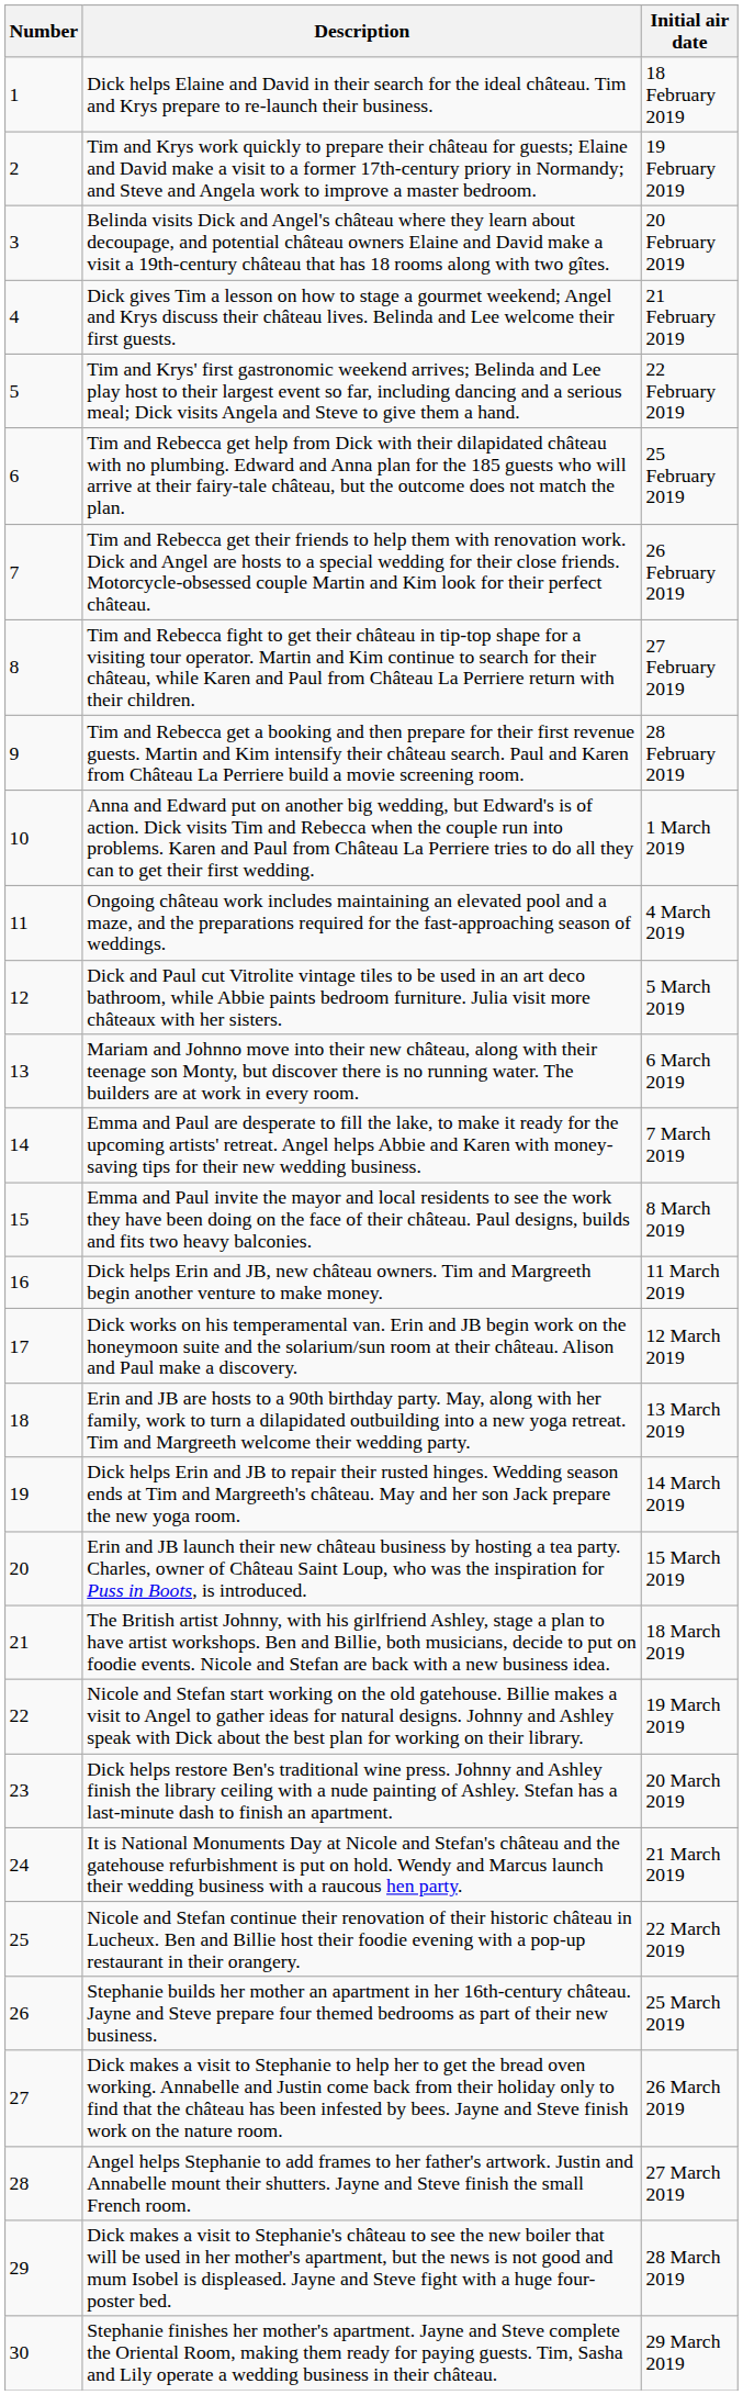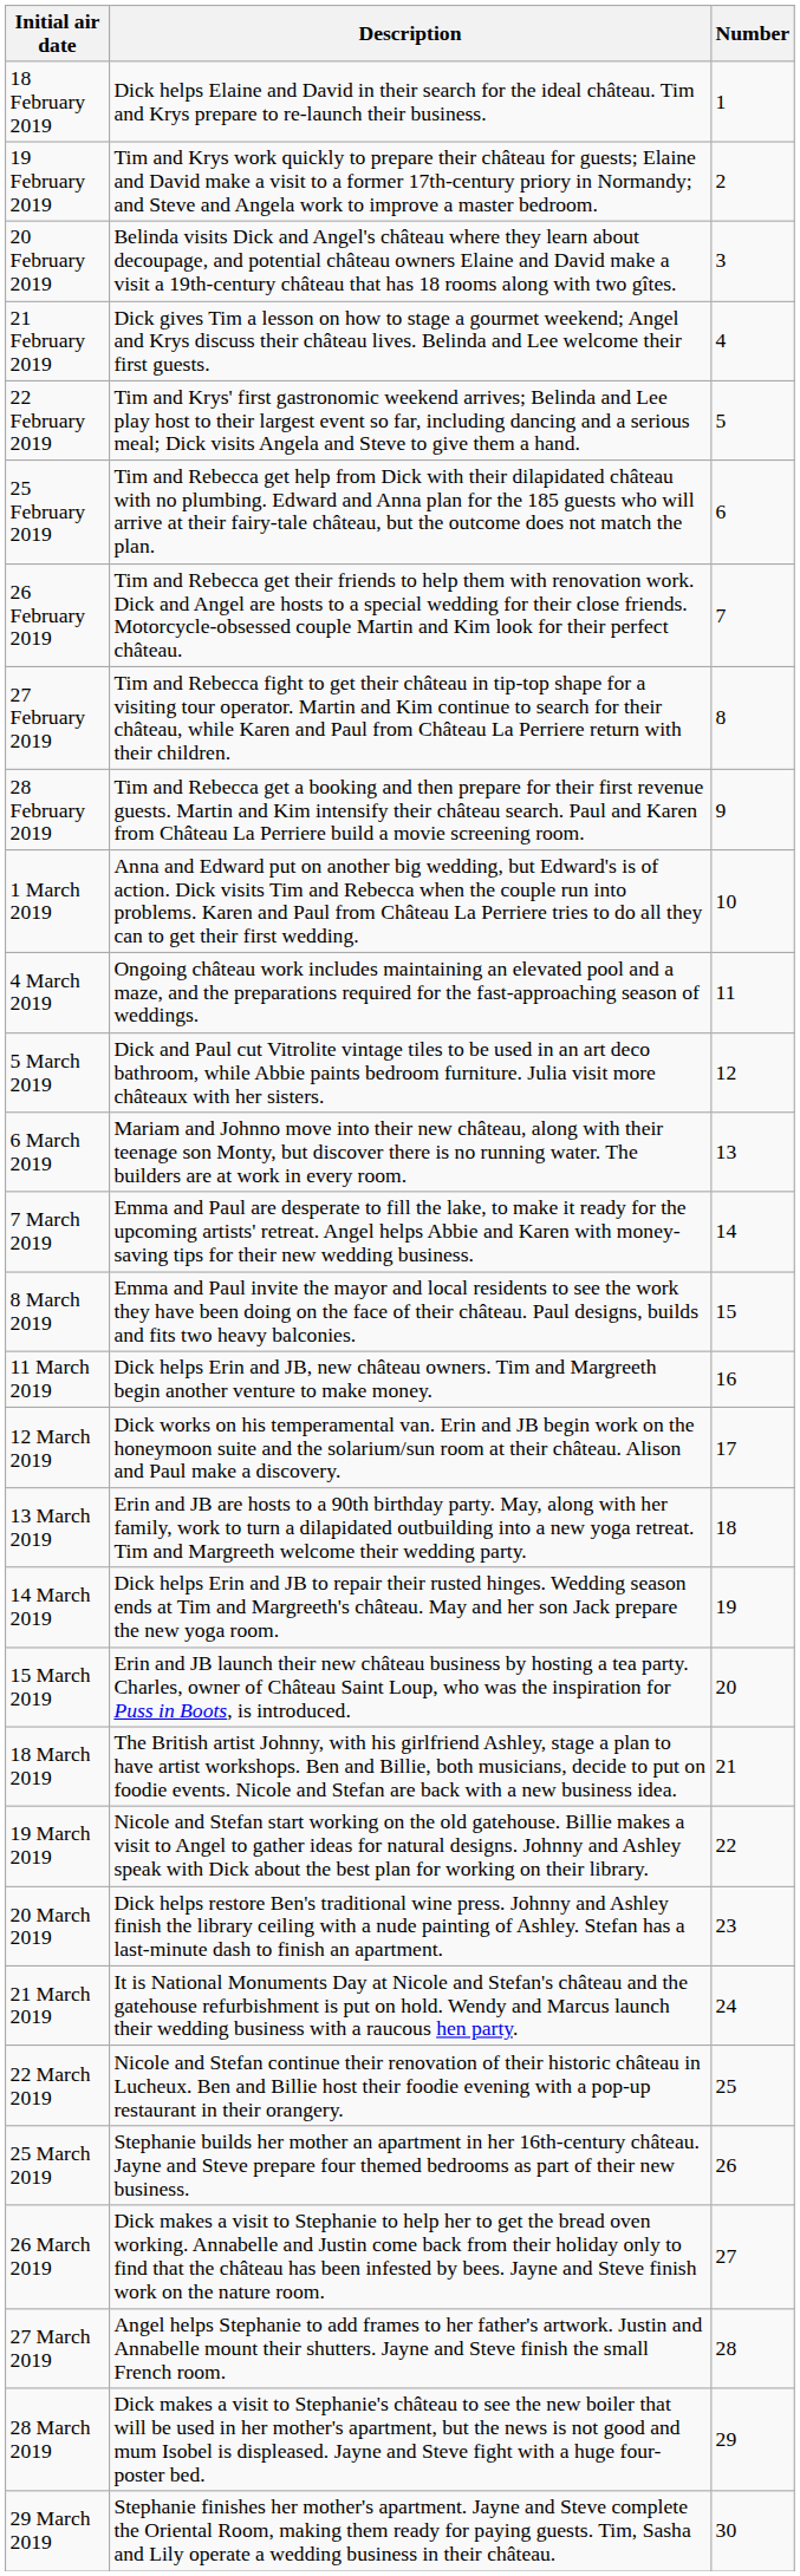 <table class="wikitable">
 <tr>
+<th>Initial air date</th>
+<th>Description</th>
 <th>Number</th>
-<th>Description</th>
-<th>Initial air date</th>
 </tr>
 <tr>
+<td>18 February 2019</td>
+<td>Dick helps Elaine and David in their search for the ideal château. Tim and Krys prepare to re-launch their business.</td>
 <td>1</td>
-<td>Dick helps Elaine and David in their search for the ideal château. Tim and Krys prepare to re-launch their business.</td>
-<td>18 February 2019</td>
 </tr>
 <tr>
+<td>19 February 2019</td>
+<td>Tim and Krys work quickly to prepare their château for guests; Elaine and David make a visit to a former 17th-century priory in Normandy; and Steve and Angela work to improve a master bedroom.</td>
 <td>2</td>
-<td>Tim and Krys work quickly to prepare their château for guests; Elaine and David make a visit to a former 17th-century priory in Normandy; and Steve and Angela work to improve a master bedroom.</td>
-<td>19 February 2019</td>
 </tr>
 <tr>
+<td>20 February 2019</td>
+<td>Belinda visits Dick and Angel's château where they learn about decoupage, and potential château owners Elaine and David make a visit a 19th-century château that has 18 rooms along with two gîtes.</td>
 <td>3</td>
-<td>Belinda visits Dick and Angel's château where they learn about decoupage, and potential château owners Elaine and David make a visit a 19th-century château that has 18 rooms along with two gîtes.</td>
-<td>20 February 2019</td>
 </tr>
 <tr>
+<td>21 February 2019</td>
+<td>Dick gives Tim a lesson on how to stage a gourmet weekend; Angel and Krys discuss their château lives. Belinda and Lee welcome their first guests.</td>
 <td>4</td>
-<td>Dick gives Tim a lesson on how to stage a gourmet weekend; Angel and Krys discuss their château lives. Belinda and Lee welcome their first guests.</td>
-<td>21 February 2019</td>
 </tr>
 <tr>
+<td>22 February 2019</td>
+<td>Tim and Krys' first gastronomic weekend arrives; Belinda and Lee play host to their largest event so far, including dancing and a serious meal; Dick visits Angela and Steve to give them a hand.</td>
 <td>5</td>
-<td>Tim and Krys' first gastronomic weekend arrives; Belinda and Lee play host to their largest event so far, including dancing and a serious meal; Dick visits Angela and Steve to give them a hand.</td>
-<td>22 February 2019</td>
 </tr>
 <tr>
+<td>25 February 2019</td>
+<td>Tim and Rebecca get help from Dick with their dilapidated château with no plumbing. Edward and Anna plan for the 185 guests who will arrive at their fairy-tale château, but the outcome does not match the plan.</td>
 <td>6</td>
-<td>Tim and Rebecca get help from Dick with their dilapidated château with no plumbing. Edward and Anna plan for the 185 guests who will arrive at their fairy-tale château, but the outcome does not match the plan.</td>
-<td>25 February 2019</td>
 </tr>
 <tr>
+<td>26 February 2019</td>
+<td>Tim and Rebecca get their friends to help them with renovation work. Dick and Angel are hosts to a special wedding for their close friends. Motorcycle-obsessed couple Martin and Kim look for their perfect château.</td>
 <td>7</td>
-<td>Tim and Rebecca get their friends to help them with renovation work. Dick and Angel are hosts to a special wedding for their close friends. Motorcycle-obsessed couple Martin and Kim look for their perfect château.</td>
-<td>26 February 2019</td>
 </tr>
 <tr>
+<td>27 February 2019</td>
+<td>Tim and Rebecca fight to get their château in tip-top shape for a visiting tour operator. Martin and Kim continue to search for their château, while Karen and Paul from Château La Perriere return with their children.</td>
 <td>8</td>
-<td>Tim and Rebecca fight to get their château in tip-top shape for a visiting tour operator. Martin and Kim continue to search for their château, while Karen and Paul from Château La Perriere return with their children.</td>
-<td>27 February 2019</td>
 </tr>
 <tr>
+<td>28 February 2019</td>
+<td>Tim and Rebecca get a booking and then prepare for their first revenue guests. Martin and Kim intensify their château search. Paul and Karen from Château La Perriere build a movie screening room.</td>
 <td>9</td>
-<td>Tim and Rebecca get a booking and then prepare for their first revenue guests. Martin and Kim intensify their château search. Paul and Karen from Château La Perriere build a movie screening room.</td>
-<td>28 February 2019</td>
 </tr>
 <tr>
+<td>1 March 2019</td>
+<td>Anna and Edward put on another big wedding, but Edward's is of action. Dick visits Tim and Rebecca when the couple run into problems. Karen and Paul from Château La Perriere tries to do all they can to get their first wedding.</td>
 <td>10</td>
-<td>Anna and Edward put on another big wedding, but Edward's is of action. Dick visits Tim and Rebecca when the couple run into problems. Karen and Paul from Château La Perriere tries to do all they can to get their first wedding.</td>
-<td>1 March 2019</td>
 </tr>
 <tr>
+<td>4 March 2019</td>
+<td>Ongoing château work includes maintaining an elevated pool and a maze, and the preparations required for the fast-approaching season of weddings.</td>
 <td>11</td>
-<td>Ongoing château work includes maintaining an elevated pool and a maze, and the preparations required for the fast-approaching season of weddings.</td>
-<td>4 March 2019</td>
 </tr>
 <tr>
+<td>5 March 2019</td>
+<td>Dick and Paul cut Vitrolite vintage tiles to be used in an art deco bathroom, while Abbie paints bedroom furniture. Julia visit more châteaux with her sisters.</td>
 <td>12</td>
-<td>Dick and Paul cut Vitrolite vintage tiles to be used in an art deco bathroom, while Abbie paints bedroom furniture. Julia visit more châteaux with her sisters.</td>
-<td>5 March 2019</td>
 </tr>
 <tr>
+<td>6 March 2019</td>
+<td>Mariam and Johnno move into their new château, along with their teenage son Monty, but discover there is no running water. The builders are at work in every room.</td>
 <td>13</td>
-<td>Mariam and Johnno move into their new château, along with their teenage son Monty, but discover there is no running water. The builders are at work in every room.</td>
-<td>6 March 2019</td>
 </tr>
 <tr>
+<td>7 March 2019</td>
+<td>Emma and Paul are desperate to fill the lake, to make it ready for the upcoming artists' retreat. Angel helps Abbie and Karen with money-saving tips for their new wedding business.</td>
 <td>14</td>
-<td>Emma and Paul are desperate to fill the lake, to make it ready for the upcoming artists' retreat. Angel helps Abbie and Karen with money-saving tips for their new wedding business.</td>
-<td>7 March 2019</td>
 </tr>
 <tr>
+<td>8 March 2019</td>
+<td>Emma and Paul invite the mayor and local residents to see the work they have been doing on the face of their château. Paul designs, builds and fits two heavy balconies.</td>
 <td>15</td>
-<td>Emma and Paul invite the mayor and local residents to see the work they have been doing on the face of their château. Paul designs, builds and fits two heavy balconies.</td>
-<td>8 March 2019</td>
 </tr>
 <tr>
+<td>11 March 2019</td>
+<td>Dick helps Erin and JB, new château owners. Tim and Margreeth begin another venture to make money.</td>
 <td>16</td>
-<td>Dick helps Erin and JB, new château owners. Tim and Margreeth begin another venture to make money.</td>
-<td>11 March 2019</td>
 </tr>
 <tr>
+<td>12 March 2019</td>
+<td>Dick works on his temperamental van. Erin and JB begin work on the honeymoon suite and the solarium/sun room at their château. Alison and Paul make a discovery.</td>
 <td>17</td>
-<td>Dick works on his temperamental van. Erin and JB begin work on the honeymoon suite and the solarium/sun room at their château. Alison and Paul make a discovery.</td>
-<td>12 March 2019</td>
 </tr>
 <tr>
+<td>13 March 2019</td>
+<td>Erin and JB are hosts to a 90th birthday party. May, along with her family, work to turn a dilapidated outbuilding into a new yoga retreat. Tim and Margreeth welcome their wedding party.</td>
 <td>18</td>
-<td>Erin and JB are hosts to a 90th birthday party. May, along with her family, work to turn a dilapidated outbuilding into a new yoga retreat. Tim and Margreeth welcome their wedding party.</td>
-<td>13 March 2019</td>
 </tr>
 <tr>
+<td>14 March 2019</td>
+<td>Dick helps Erin and JB to repair their rusted hinges. Wedding season ends at Tim and Margreeth's château. May and her son Jack prepare the new yoga room.</td>
 <td>19</td>
-<td>Dick helps Erin and JB to repair their rusted hinges. Wedding season ends at Tim and Margreeth's château. May and her son Jack prepare the new yoga room.</td>
-<td>14 March 2019</td>
 </tr>
 <tr>
+<td>15 March 2019</td>
+<td>Erin and JB launch their new château business by hosting a tea party. Charles, owner of Château Saint Loup, who was the inspiration for <em><a href='#'>Puss in Boots</a></em>, is introduced.</td>
 <td>20</td>
-<td>Erin and JB launch their new château business by hosting a tea party. Charles, owner of Château Saint Loup, who was the inspiration for <em><a href='#'>Puss in Boots</a></em>, is introduced.</td>
-<td>15 March 2019</td>
 </tr>
 <tr>
+<td>18 March 2019</td>
+<td>The British artist Johnny, with his girlfriend Ashley, stage a plan to have artist workshops. Ben and Billie, both musicians, decide to put on foodie events. Nicole and Stefan are back with a new business idea.</td>
 <td>21</td>
-<td>The British artist Johnny, with his girlfriend Ashley, stage a plan to have artist workshops. Ben and Billie, both musicians, decide to put on foodie events. Nicole and Stefan are back with a new business idea.</td>
-<td>18 March 2019</td>
 </tr>
 <tr>
+<td>19 March 2019</td>
+<td>Nicole and Stefan start working on the old gatehouse. Billie makes a visit to Angel to gather ideas for natural designs. Johnny and Ashley speak with Dick about the best plan for working on their library.</td>
 <td>22</td>
-<td>Nicole and Stefan start working on the old gatehouse. Billie makes a visit to Angel to gather ideas for natural designs. Johnny and Ashley speak with Dick about the best plan for working on their library.</td>
-<td>19 March 2019</td>
 </tr>
 <tr>
+<td>20 March 2019</td>
+<td>Dick helps restore Ben's traditional wine press. Johnny and Ashley finish the library ceiling with a nude painting of Ashley. Stefan has a last-minute dash to finish an apartment.</td>
 <td>23</td>
-<td>Dick helps restore Ben's traditional wine press. Johnny and Ashley finish the library ceiling with a nude painting of Ashley. Stefan has a last-minute dash to finish an apartment.</td>
-<td>20 March 2019</td>
 </tr>
 <tr>
+<td>21 March 2019</td>
+<td>It is National Monuments Day at Nicole and Stefan's château and the gatehouse refurbishment is put on hold. Wendy and Marcus launch their wedding business with a raucous <a href='#'>hen party</a>.</td>
 <td>24</td>
-<td>It is National Monuments Day at Nicole and Stefan's château and the gatehouse refurbishment is put on hold. Wendy and Marcus launch their wedding business with a raucous <a href='#'>hen party</a>.</td>
-<td>21 March 2019</td>
 </tr>
 <tr>
+<td>22 March 2019</td>
+<td>Nicole and Stefan continue their renovation of their historic château in Lucheux. Ben and Billie host their foodie evening with a pop-up restaurant in their orangery.</td>
 <td>25</td>
-<td>Nicole and Stefan continue their renovation of their historic château in Lucheux. Ben and Billie host their foodie evening with a pop-up restaurant in their orangery.</td>
-<td>22 March 2019</td>
 </tr>
 <tr>
+<td>25 March 2019</td>
+<td>Stephanie builds her mother an apartment in her 16th-century château. Jayne and Steve prepare four themed bedrooms as part of their new business.</td>
 <td>26</td>
-<td>Stephanie builds her mother an apartment in her 16th-century château. Jayne and Steve prepare four themed bedrooms as part of their new business.</td>
-<td>25 March 2019</td>
 </tr>
 <tr>
+<td>26 March 2019</td>
+<td>Dick makes a visit to Stephanie to help her to get the bread oven working. Annabelle and Justin come back from their holiday only to find that the château has been infested by bees. Jayne and Steve finish work on the nature room.</td>
 <td>27</td>
-<td>Dick makes a visit to Stephanie to help her to get the bread oven working. Annabelle and Justin come back from their holiday only to find that the château has been infested by bees. Jayne and Steve finish work on the nature room.</td>
-<td>26 March 2019</td>
 </tr>
 <tr>
+<td>27 March 2019</td>
+<td>Angel helps Stephanie to add frames to her father's artwork. Justin and Annabelle mount their shutters. Jayne and Steve finish the small French room.</td>
 <td>28</td>
-<td>Angel helps Stephanie to add frames to her father's artwork. Justin and Annabelle mount their shutters. Jayne and Steve finish the small French room.</td>
-<td>27 March 2019</td>
 </tr>
 <tr>
+<td>28 March 2019</td>
+<td>Dick makes a visit to Stephanie's château to see the new boiler that will be used in her mother's apartment, but the news is not good and mum Isobel is displeased. Jayne and Steve fight with a huge four-poster bed.</td>
 <td>29</td>
-<td>Dick makes a visit to Stephanie's château to see the new boiler that will be used in her mother's apartment, but the news is not good and mum Isobel is displeased. Jayne and Steve fight with a huge four-poster bed.</td>
-<td>28 March 2019</td>
 </tr>
 <tr>
+<td>29 March 2019</td>
+<td>Stephanie finishes her mother's apartment. Jayne and Steve complete the Oriental Room, making them ready for paying guests. Tim, Sasha and Lily operate a wedding business in their château.</td>
 <td>30</td>
-<td>Stephanie finishes her mother's apartment. Jayne and Steve complete the Oriental Room, making them ready for paying guests. Tim, Sasha and Lily operate a wedding business in their château.</td>
-<td>29 March 2019</td>
 </tr>
 </table>
